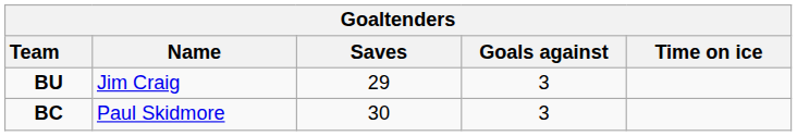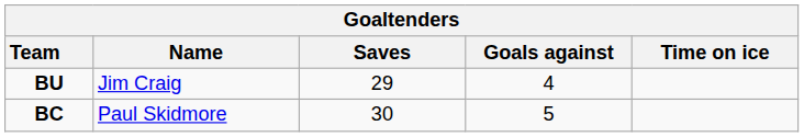 <table class="wikitable" style="width:40em; text-align:right;">
 <tr>
 <th colspan=5>Goaltenders</th>
 </tr>
 <tr>
 <th style="width:4em; text-align:left;">Team</th>
 <th style="width:10em;">Name</th>
 <th style="width:8em;">Saves</th>
 <th style="width:8em;">Goals against</th>
 <th style="width:8em;">Time on ice</th>
 </tr>
 <tr>
 <td align=center><strong>BU</strong></td>
 <td style="text-align:left;"><a href='#'>Jim Craig</a></td>
 <td align=center>29</td>
-<td align=center>3</td>
+<td align=center>4</td>
 <td align=center></td>
 </tr>
 <tr>
 <td align=center><strong>BC</strong></td>
 <td style="text-align:left;"><a href='#'>Paul Skidmore</a></td>
 <td align=center>30</td>
-<td align=center>3</td>
+<td align=center>5</td>
 <td align=center></td>
 </tr>
 </table>
